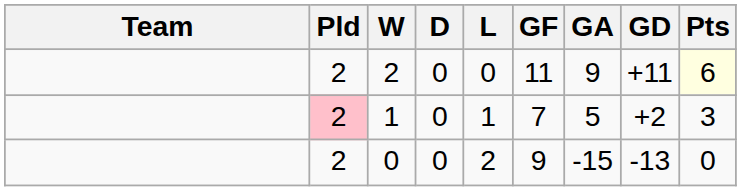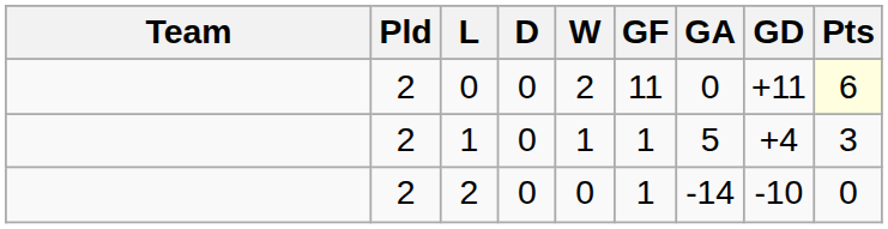 <table class="wikitable" style="text-align: center;">
 <tr>
 <th width="165">Team</th>
 <th width="20">Pld</th>
+<th width="20">L</th>
+<th width="20">D</th>
 <th width="20">W</th>
-<th width="20">D</th>
-<th width="20">L</th>
 <th width="20">GF</th>
 <th width="20">GA</th>
 <th width="20">GD</th>
 <th width="20">Pts</th>
 </tr>
 <tr>
 <td style="text-align:left;"></td>
 <td>2</td>
-<td>2</td>
 <td>0</td>
 <td>0</td>
+<td>2</td>
 <td>11</td>
-<td>9</td>
+<td>0</td>
 <td>+11</td>
 <td style="background: lightyellow;">6</td>
 </tr>
 <tr>
 <td style="text-align:left;"></td>
-<td style="background: pink;">2</td>
+<td>2</td>
 <td>1</td>
 <td>0</td>
 <td>1</td>
-<td>7</td>
+<td>1</td>
 <td>5</td>
-<td>+2</td>
+<td>+4</td>
 <td>3</td>
 </tr>
 <tr bgcolor=>
 <td style="text-align:left;"></td>
 <td>2</td>
+<td>2</td>
 <td>0</td>
 <td>0</td>
-<td>2</td>
-<td>9</td>
-<td>-15</td>
-<td>-13</td>
+<td>1</td>
+<td>-14</td>
+<td>-10</td>
 <td>0</td>
 </tr>
 </table>
